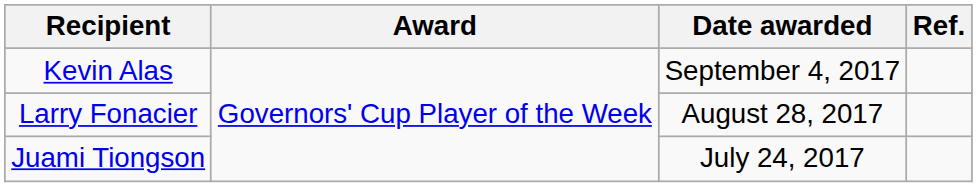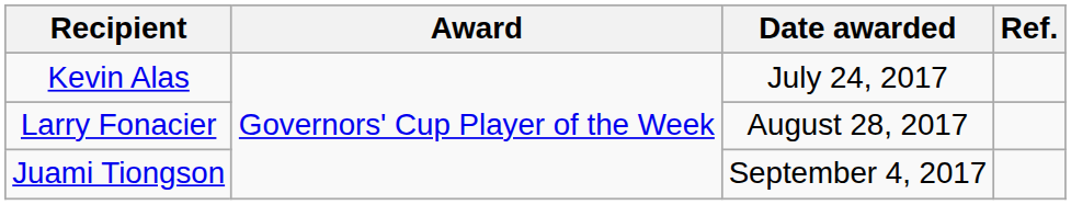 <table class="wikitable sortable sortable" style="text-align: center">
 <tr>
 <th>Recipient</th>
 <th>Award</th>
 <th>Date awarded</th>
 <th>Ref.</th>
 </tr>
 <tr>
 <td><a href='#'>Kevin Alas</a></td>
 <td rowspan=3><a href='#'>Governors' Cup Player of the Week</a></td>
-<td>September 4, 2017</td>
+<td>July 24, 2017</td>
 <td align=center></td>
 </tr>
 <tr>
 <td><a href='#'>Larry Fonacier</a></td>
 <td>August 28, 2017</td>
 <td align=center></td>
 </tr>
 <tr>
 <td><a href='#'>Juami Tiongson</a></td>
-<td>July 24, 2017</td>
+<td>September 4, 2017</td>
 <td align=center></td>
 </tr>
 </table>
